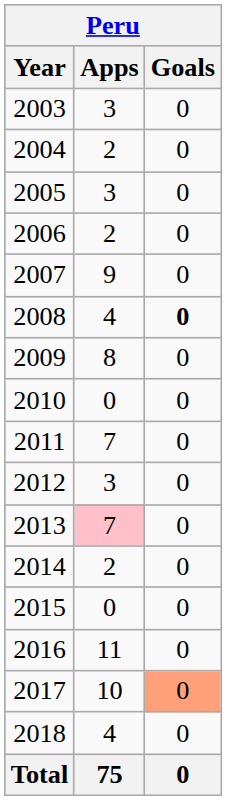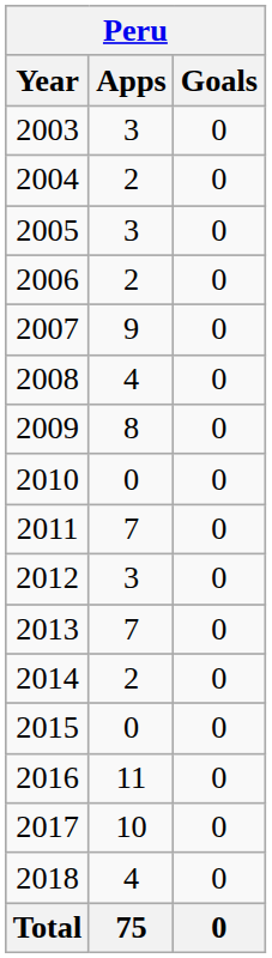 <table class="wikitable" style="text-align:center">
 <tr>
 <th colspan=3><a href='#'>Peru</a></th>
 </tr>
 <tr>
 <th>Year</th>
 <th>Apps</th>
 <th>Goals</th>
 </tr>
 <tr>
 <td>2003</td>
 <td>3</td>
 <td>0</td>
 </tr>
 <tr>
 <td>2004</td>
 <td>2</td>
 <td>0</td>
 </tr>
 <tr>
 <td>2005</td>
 <td>3</td>
 <td>0</td>
 </tr>
 <tr>
 <td>2006</td>
 <td>2</td>
 <td>0</td>
 </tr>
 <tr>
 <td>2007</td>
 <td>9</td>
 <td>0</td>
 </tr>
 <tr>
 <td>2008</td>
 <td>4</td>
-<td><strong>0</strong></td>
+<td>0</td>
 </tr>
 <tr>
 <td>2009</td>
 <td>8</td>
 <td>0</td>
 </tr>
 <tr>
 <td>2010</td>
 <td>0</td>
 <td>0</td>
 </tr>
 <tr>
 <td>2011</td>
 <td>7</td>
 <td>0</td>
 </tr>
 <tr>
 <td>2012</td>
 <td>3</td>
 <td>0</td>
 </tr>
 <tr>
 <td>2013</td>
-<td style="background: pink;">7</td>
+<td>7</td>
 <td>0</td>
 </tr>
 <tr>
 <td>2014</td>
 <td>2</td>
 <td>0</td>
 </tr>
 <tr>
 <td>2015</td>
 <td>0</td>
 <td>0</td>
 </tr>
 <tr>
 <td>2016</td>
 <td>11</td>
 <td>0</td>
 </tr>
 <tr>
 <td>2017</td>
 <td>10</td>
-<td style="background: lightsalmon;">0</td>
+<td>0</td>
 </tr>
 <tr>
 <td>2018</td>
 <td>4</td>
 <td>0</td>
 </tr>
 <tr>
 <th>Total</th>
 <th>75</th>
 <th>0</th>
 </tr>
 </table>
